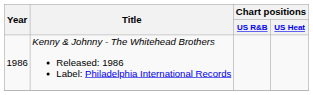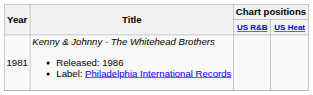 <table class="wikitable">
 <tr>
 <th rowspan="2">Year</th>
 <th rowspan="2">Title</th>
 <th colspan="2">Chart positions</th>
 </tr>
 <tr>
 <th><small><a href='#'>US R&B</a></small></th>
 <th><small><a href='#'>US Heat</a></small></th>
 </tr>
 <tr>
-<td>1986</td>
+<td>1981</td>
 <td><em>Kenny & Johnny - The Whitehead Brothers</em><br><ul><li>Released: 1986</li><li>Label: <a href='#'>Philadelphia International Records</a></li></ul></td>
 <td align="center"></td>
 <td align="center"></td>
 </tr>
 <tr>
 </tr>
 </table>
